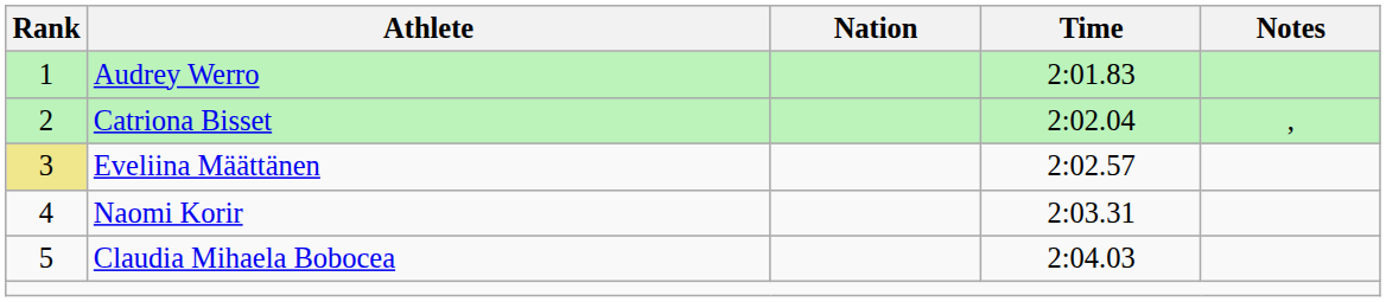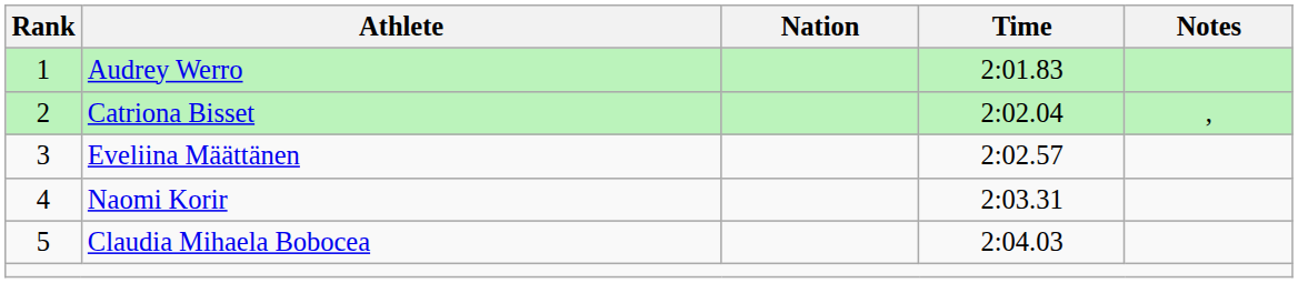 <table class="wikitable sortable" style="text-align:center;width: 60%;">
 <tr>
 <th scope="col" style="width: 10px;">Rank</th>
 <th scope="col">Athlete</th>
 <th scope="col">Nation</th>
 <th scope="col">Time</th>
 <th scope="col">Notes</th>
 </tr>
 <tr bgcolor=bbf3bb>
 <td>1</td>
 <td align=left><a href='#'>Audrey Werro</a></td>
 <td align=left></td>
 <td>2:01.83</td>
 <td></td>
 </tr>
 <tr bgcolor=bbf3bb>
 <td>2</td>
 <td align=left><a href='#'>Catriona Bisset</a></td>
 <td align=left></td>
 <td>2:02.04</td>
 <td>, </td>
 </tr>
 <tr>
-<td style="background: khaki;">3</td>
+<td>3</td>
 <td align=left><a href='#'>Eveliina Määttänen</a></td>
 <td align=left></td>
 <td>2:02.57</td>
 <td></td>
 </tr>
 <tr>
 <td>4</td>
 <td align=left><a href='#'>Naomi Korir</a></td>
 <td align=left></td>
 <td>2:03.31</td>
 <td></td>
 </tr>
 <tr>
 <td>5</td>
 <td align=left><a href='#'>Claudia Mihaela Bobocea</a></td>
 <td align=left></td>
 <td>2:04.03</td>
 <td></td>
 </tr>
 <tr class="sortbottom">
 <td colspan="5"></td>
 </tr>
 </table>
